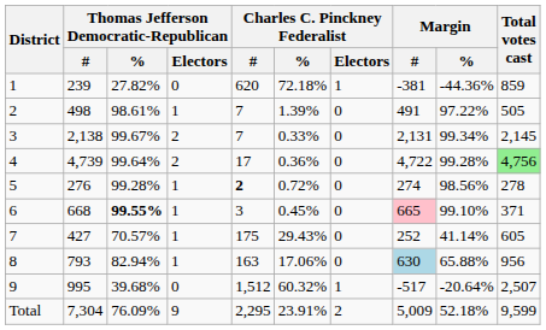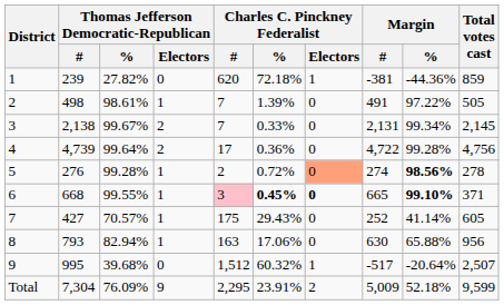 <table class="wikitable sortable">
 <tr>
 <th rowspan="2">District</th>
 <th colspan="3" >Thomas Jefferson<br>Democratic-Republican</th>
 <th colspan="3" >Charles C. Pinckney<br>Federalist</th>
 <th colspan="2">Margin</th>
 <th rowspan="2">Total<br>votes<br>cast</th>
 </tr>
 <tr>
 <th>#</th>
 <th>%</th>
 <th>Electors</th>
 <th>#</th>
 <th>%</th>
 <th>Electors</th>
 <th>#</th>
 <th>%</th>
 </tr>
 <tr>
 <td>1</td>
 <td>239</td>
 <td>27.82%</td>
 <td>0</td>
 <td>620</td>
 <td>72.18%</td>
 <td>1</td>
 <td>-381</td>
 <td>-44.36%</td>
 <td>859</td>
 </tr>
 <tr>
 <td>2</td>
 <td>498</td>
 <td>98.61%</td>
 <td>1</td>
 <td>7</td>
 <td>1.39%</td>
 <td>0</td>
 <td>491</td>
 <td>97.22%</td>
 <td>505</td>
 </tr>
 <tr>
 <td>3</td>
 <td>2,138</td>
 <td>99.67%</td>
 <td>2</td>
 <td>7</td>
 <td>0.33%</td>
 <td>0</td>
 <td>2,131</td>
 <td>99.34%</td>
 <td>2,145</td>
 </tr>
 <tr>
 <td>4</td>
 <td>4,739</td>
 <td>99.64%</td>
 <td>2</td>
 <td>17</td>
 <td>0.36%</td>
 <td>0</td>
 <td>4,722</td>
 <td>99.28%</td>
-<td style="background: lightgreen;">4,756</td>
+<td>4,756</td>
 </tr>
 <tr>
 <td>5</td>
 <td>276</td>
 <td>99.28%</td>
 <td>1</td>
-<td><strong>2</strong></td>
+<td>2</td>
 <td>0.72%</td>
-<td>0</td>
+<td style="background: lightsalmon;">0</td>
 <td>274</td>
-<td>98.56%</td>
+<td><strong>98.56%</strong></td>
 <td>278</td>
 </tr>
 <tr>
 <td>6</td>
 <td>668</td>
-<td><strong>99.55%</strong></td>
+<td>99.55%</td>
 <td>1</td>
-<td>3</td>
-<td>0.45%</td>
-<td>0</td>
-<td style="background: pink;">665</td>
-<td>99.10%</td>
+<td style="background: pink;">3</td>
+<td><strong>0.45%</strong></td>
+<td><strong>0</strong></td>
+<td>665</td>
+<td><strong>99.10%</strong></td>
 <td>371</td>
 </tr>
 <tr>
 <td>7</td>
 <td>427</td>
 <td>70.57%</td>
 <td>1</td>
 <td>175</td>
 <td>29.43%</td>
 <td>0</td>
 <td>252</td>
 <td>41.14%</td>
 <td>605</td>
 </tr>
 <tr>
 <td>8</td>
 <td>793</td>
 <td>82.94%</td>
 <td>1</td>
 <td>163</td>
 <td>17.06%</td>
 <td>0</td>
-<td style="background: lightblue;">630</td>
+<td>630</td>
 <td>65.88%</td>
 <td>956</td>
 </tr>
 <tr>
 <td>9</td>
 <td>995</td>
 <td>39.68%</td>
 <td>0</td>
 <td>1,512</td>
 <td>60.32%</td>
 <td>1</td>
 <td>-517</td>
 <td>-20.64%</td>
 <td>2,507</td>
 </tr>
 <tr>
 <td>Total</td>
 <td>7,304</td>
 <td>76.09%</td>
 <td>9</td>
 <td>2,295</td>
 <td>23.91%</td>
 <td>2</td>
 <td>5,009</td>
 <td>52.18%</td>
 <td>9,599</td>
 </tr>
 </table>
